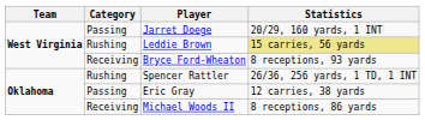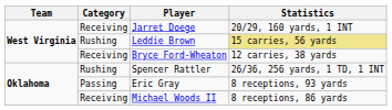 <table class="wikitable" style="float: right;">
 <tr>
 <th>Team</th>
 <th>Category</th>
 <th>Player</th>
 <th>Statistics</th>
 </tr>
 <tr>
 <td rowspan=3><strong>West Virginia</strong></td>
-<td>Passing</td>
+<td>Receiving</td>
 <td><a href='#'>Jarret Doege</a></td>
 <td>20/29, 160 yards, 1 INT</td>
 </tr>
 <tr>
 <td>Rushing</td>
 <td><a href='#'>Leddie Brown</a></td>
 <td style="background: khaki;">15 carries, 56 yards</td>
 </tr>
 <tr>
 <td>Receiving</td>
 <td><a href='#'>Bryce Ford-Wheaton</a></td>
-<td>8 receptions, 93 yards</td>
+<td>12 carries, 38 yards</td>
 </tr>
 <tr>
 <td rowspan=3><strong>Oklahoma</strong></td>
 <td>Rushing</td>
 <td>Spencer Rattler</td>
 <td>26/36, 256 yards, 1 TD, 1 INT</td>
 </tr>
 <tr>
 <td>Passing</td>
 <td>Eric Gray</td>
-<td>12 carries, 38 yards</td>
+<td>8 receptions, 93 yards</td>
 </tr>
 <tr>
 <td>Receiving</td>
 <td><a href='#'>Michael Woods II</a></td>
 <td>8 receptions, 86 yards</td>
 </tr>
 </table>
